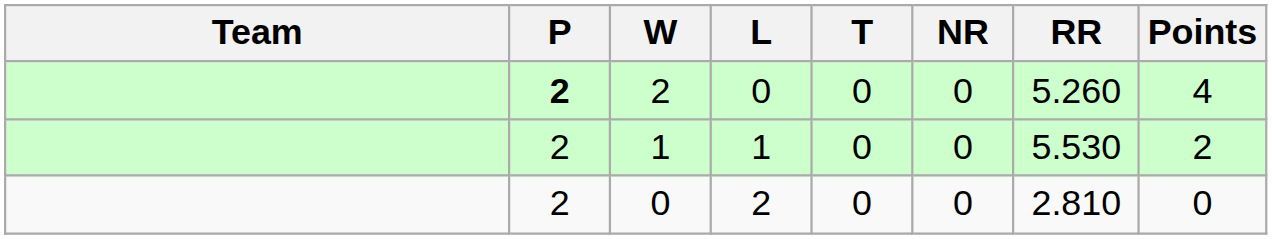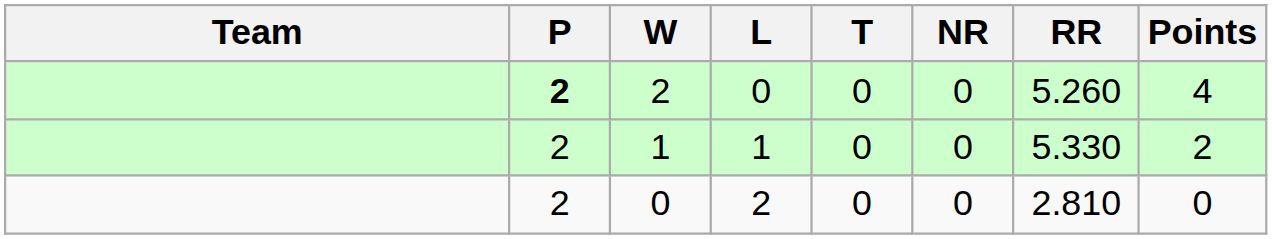 <table class="wikitable" style="text-align: center;">
 <tr>
 <th style="width:40%;">Team</th>
 <th style="width:8%;">P</th>
 <th style="width:8%;">W</th>
 <th style="width:8%;">L</th>
 <th style="width:8%;">T</th>
 <th style="width:8%;">NR</th>
 <th style="width:10%;">RR</th>
 <th style="width:10%;">Points</th>
 </tr>
 <tr style="background:#cfc;">
 <td align=left></td>
 <td><strong>2</strong></td>
 <td>2</td>
 <td>0</td>
 <td>0</td>
 <td>0</td>
 <td>5.260</td>
 <td>4</td>
 </tr>
 <tr style="background:#cfc;">
 <td align=left></td>
 <td>2</td>
 <td>1</td>
 <td>1</td>
 <td>0</td>
 <td>0</td>
-<td>5.530</td>
+<td>5.330</td>
 <td>2</td>
 </tr>
 <tr>
 <td align=left></td>
 <td>2</td>
 <td>0</td>
 <td>2</td>
 <td>0</td>
 <td>0</td>
 <td>2.810</td>
 <td>0</td>
 </tr>
 </table>
